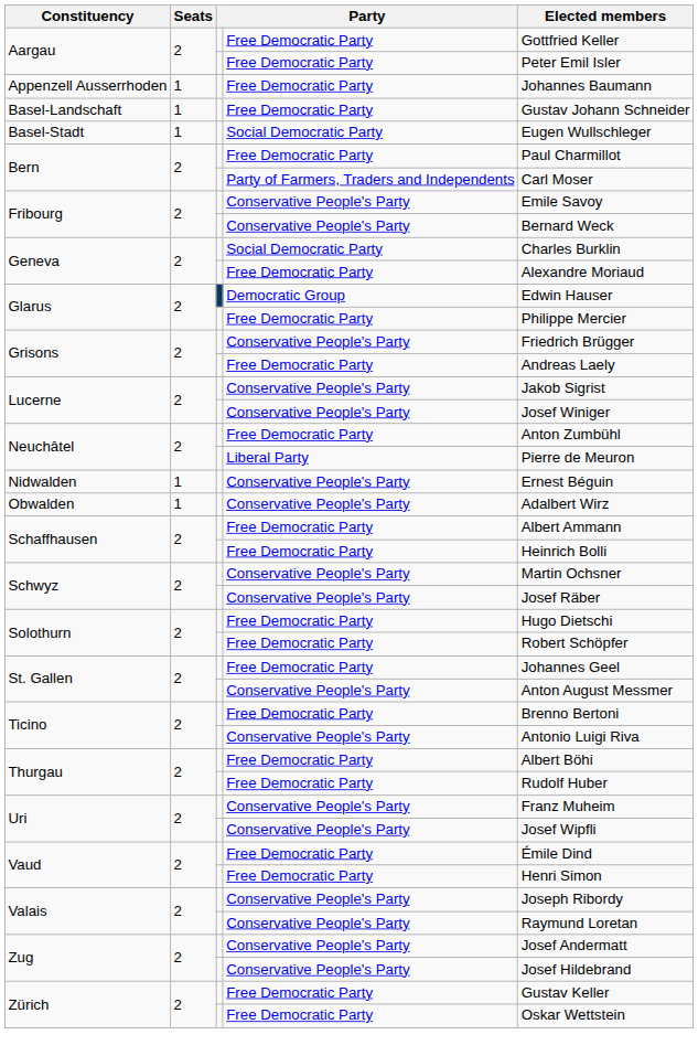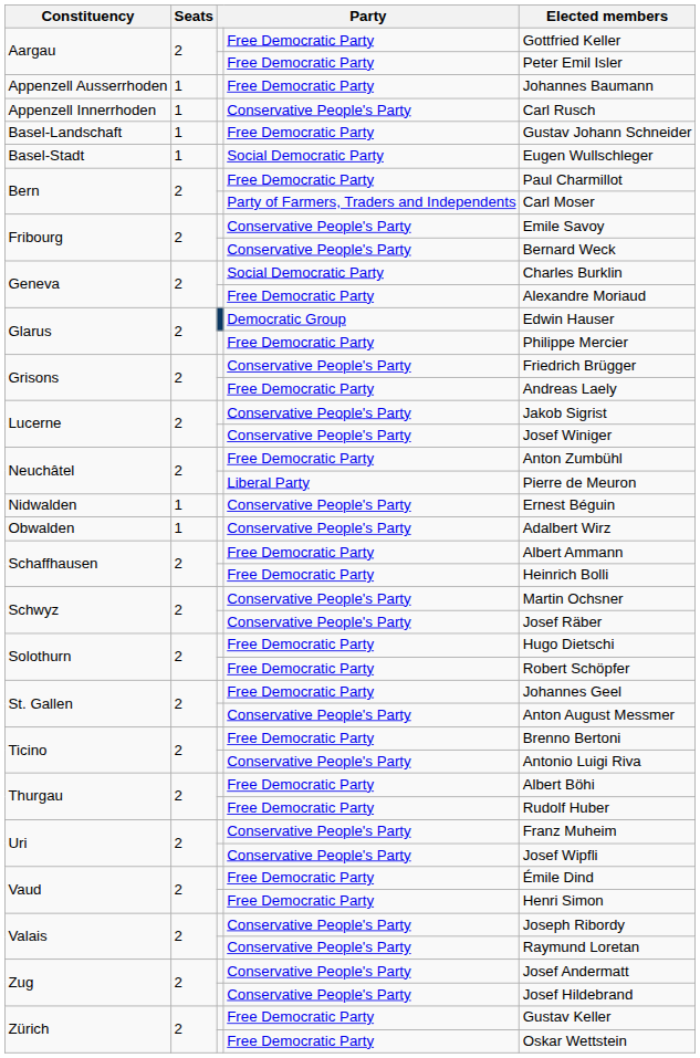 <table class="wikitable">
 <tr>
 <th>Constituency</th>
 <th>Seats</th>
 <th colspan="2">Party</th>
 <th>Elected members</th>
 </tr>
 <tr>
 <td rowspan="2">Aargau</td>
 <td rowspan="2">2</td>
 <td style="color:inherit;background:"></td>
 <td><a href='#'>Free Democratic Party</a></td>
 <td>Gottfried Keller</td>
 </tr>
 <tr>
 <td style="color:inherit;background:"></td>
 <td><a href='#'>Free Democratic Party</a></td>
 <td>Peter Emil Isler</td>
 </tr>
 <tr>
 <td>Appenzell Ausserrhoden</td>
 <td>1</td>
 <td style="color:inherit;background:"></td>
 <td><a href='#'>Free Democratic Party</a></td>
 <td>Johannes Baumann</td>
+</tr>
+<tr>
+<td>Appenzell Innerrhoden</td>
+<td>1</td>
+<td style="color:inherit;background:"></td>
+<td><a href='#'>Conservative People's Party</a></td>
+<td>Carl Rusch</td>
 </tr>
 <tr>
 <td>Basel-Landschaft</td>
 <td>1</td>
 <td style="color:inherit;background:"></td>
 <td><a href='#'>Free Democratic Party</a></td>
 <td>Gustav Johann Schneider</td>
 </tr>
 <tr>
 <td>Basel-Stadt</td>
 <td>1</td>
 <td style="color:inherit;background:"></td>
 <td><a href='#'>Social Democratic Party</a></td>
 <td>Eugen Wullschleger</td>
 </tr>
 <tr>
 <td rowspan="2">Bern</td>
 <td rowspan="2">2</td>
 <td style="color:inherit;background:"></td>
 <td><a href='#'>Free Democratic Party</a></td>
 <td>Paul Charmillot</td>
 </tr>
 <tr>
 <td style="color:inherit;background:"></td>
 <td><a href='#'>Party of Farmers, Traders and Independents</a></td>
 <td>Carl Moser</td>
 </tr>
 <tr>
 <td rowspan="2">Fribourg</td>
 <td rowspan="2">2</td>
 <td style="color:inherit;background:"></td>
 <td><a href='#'>Conservative People's Party</a></td>
 <td>Emile Savoy</td>
 </tr>
 <tr>
 <td style="color:inherit;background:"></td>
 <td><a href='#'>Conservative People's Party</a></td>
 <td>Bernard Weck</td>
 </tr>
 <tr>
 <td rowspan="2">Geneva</td>
 <td rowspan="2">2</td>
 <td style="color:inherit;background:"></td>
 <td><a href='#'>Social Democratic Party</a></td>
 <td>Charles Burklin</td>
 </tr>
 <tr>
 <td style="color:inherit;background:"></td>
 <td><a href='#'>Free Democratic Party</a></td>
 <td>Alexandre Moriaud</td>
 </tr>
 <tr>
 <td rowspan="2">Glarus</td>
 <td rowspan="2">2</td>
 <td style="color:inherit;background:#0B3861"></td>
 <td><a href='#'>Democratic Group</a></td>
 <td>Edwin Hauser</td>
 </tr>
 <tr>
 <td style="color:inherit;background:"></td>
 <td><a href='#'>Free Democratic Party</a></td>
 <td>Philippe Mercier</td>
 </tr>
 <tr>
 <td rowspan="2">Grisons</td>
 <td rowspan="2">2</td>
 <td style="color:inherit;background:"></td>
 <td><a href='#'>Conservative People's Party</a></td>
 <td>Friedrich Brügger</td>
 </tr>
 <tr>
 <td style="color:inherit;background:"></td>
 <td><a href='#'>Free Democratic Party</a></td>
 <td>Andreas Laely</td>
 </tr>
 <tr>
 <td rowspan="2">Lucerne</td>
 <td rowspan="2">2</td>
 <td style="color:inherit;background:"></td>
 <td><a href='#'>Conservative People's Party</a></td>
 <td>Jakob Sigrist</td>
 </tr>
 <tr>
 <td style="color:inherit;background:"></td>
 <td><a href='#'>Conservative People's Party</a></td>
 <td>Josef Winiger</td>
 </tr>
 <tr>
 <td rowspan="2">Neuchâtel</td>
 <td rowspan="2">2</td>
 <td style="color:inherit;background:"></td>
 <td><a href='#'>Free Democratic Party</a></td>
 <td>Anton Zumbühl</td>
 </tr>
 <tr>
 <td style="color:inherit;background:"></td>
 <td><a href='#'>Liberal Party</a></td>
 <td>Pierre de Meuron</td>
 </tr>
 <tr>
 <td>Nidwalden</td>
 <td>1</td>
 <td style="color:inherit;background:"></td>
 <td><a href='#'>Conservative People's Party</a></td>
 <td>Ernest Béguin</td>
 </tr>
 <tr>
 <td>Obwalden</td>
 <td>1</td>
 <td style="color:inherit;background:"></td>
 <td><a href='#'>Conservative People's Party</a></td>
 <td>Adalbert Wirz</td>
 </tr>
 <tr>
 <td rowspan="2">Schaffhausen</td>
 <td rowspan="2">2</td>
 <td style="color:inherit;background:"></td>
 <td><a href='#'>Free Democratic Party</a></td>
 <td>Albert Ammann</td>
 </tr>
 <tr>
 <td style="color:inherit;background:"></td>
 <td><a href='#'>Free Democratic Party</a></td>
 <td>Heinrich Bolli</td>
 </tr>
 <tr>
 <td rowspan="2">Schwyz</td>
 <td rowspan="2">2</td>
 <td style="color:inherit;background:"></td>
 <td><a href='#'>Conservative People's Party</a></td>
 <td>Martin Ochsner</td>
 </tr>
 <tr>
 <td style="color:inherit;background:"></td>
 <td><a href='#'>Conservative People's Party</a></td>
 <td>Josef Räber</td>
 </tr>
 <tr>
 <td rowspan="2">Solothurn</td>
 <td rowspan="2">2</td>
 <td style="color:inherit;background:"></td>
 <td><a href='#'>Free Democratic Party</a></td>
 <td>Hugo Dietschi</td>
 </tr>
 <tr>
 <td style="color:inherit;background:"></td>
 <td><a href='#'>Free Democratic Party</a></td>
 <td>Robert Schöpfer</td>
 </tr>
 <tr>
 <td rowspan="2">St. Gallen</td>
 <td rowspan="2">2</td>
 <td style="color:inherit;background:"></td>
 <td><a href='#'>Free Democratic Party</a></td>
 <td>Johannes Geel</td>
 </tr>
 <tr>
 <td style="color:inherit;background:"></td>
 <td><a href='#'>Conservative People's Party</a></td>
 <td>Anton August Messmer</td>
 </tr>
 <tr>
 <td rowspan="2">Ticino</td>
 <td rowspan="2">2</td>
 <td style="color:inherit;background:"></td>
 <td><a href='#'>Free Democratic Party</a></td>
 <td>Brenno Bertoni</td>
 </tr>
 <tr>
 <td style="color:inherit;background:"></td>
 <td><a href='#'>Conservative People's Party</a></td>
 <td>Antonio Luigi Riva</td>
 </tr>
 <tr>
 <td rowspan="2">Thurgau</td>
 <td rowspan="2">2</td>
 <td style="color:inherit;background:"></td>
 <td><a href='#'>Free Democratic Party</a></td>
 <td>Albert Böhi</td>
 </tr>
 <tr>
 <td style="color:inherit;background:"></td>
 <td><a href='#'>Free Democratic Party</a></td>
 <td>Rudolf Huber</td>
 </tr>
 <tr>
 <td rowspan="2">Uri</td>
 <td rowspan="2">2</td>
 <td style="color:inherit;background:"></td>
 <td><a href='#'>Conservative People's Party</a></td>
 <td>Franz Muheim</td>
 </tr>
 <tr>
 <td style="color:inherit;background:"></td>
 <td><a href='#'>Conservative People's Party</a></td>
 <td>Josef Wipfli</td>
 </tr>
 <tr>
 <td rowspan="2">Vaud</td>
 <td rowspan="2">2</td>
 <td style="color:inherit;background:"></td>
 <td><a href='#'>Free Democratic Party</a></td>
 <td>Émile Dind</td>
 </tr>
 <tr>
 <td style="color:inherit;background:"></td>
 <td><a href='#'>Free Democratic Party</a></td>
 <td>Henri Simon</td>
 </tr>
 <tr>
 <td rowspan="2">Valais</td>
 <td rowspan="2">2</td>
 <td style="color:inherit;background:"></td>
 <td><a href='#'>Conservative People's Party</a></td>
 <td>Joseph Ribordy</td>
 </tr>
 <tr>
 <td style="color:inherit;background:"></td>
 <td><a href='#'>Conservative People's Party</a></td>
 <td>Raymund Loretan</td>
 </tr>
 <tr>
 <td rowspan="2">Zug</td>
 <td rowspan="2">2</td>
 <td style="color:inherit;background:"></td>
 <td><a href='#'>Conservative People's Party</a></td>
 <td>Josef Andermatt</td>
 </tr>
 <tr>
 <td style="color:inherit;background:"></td>
 <td><a href='#'>Conservative People's Party</a></td>
 <td>Josef Hildebrand</td>
 </tr>
 <tr>
 <td rowspan="2">Zürich</td>
 <td rowspan="2">2</td>
 <td style="color:inherit;background:"></td>
 <td><a href='#'>Free Democratic Party</a></td>
 <td>Gustav Keller</td>
 </tr>
 <tr>
 <td style="color:inherit;background:"></td>
 <td><a href='#'>Free Democratic Party</a></td>
 <td>Oskar Wettstein</td>
 </tr>
 </table>
